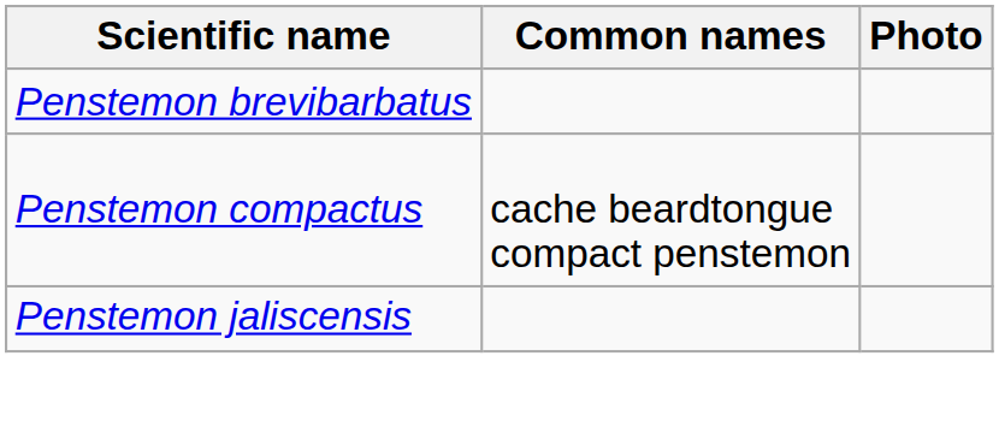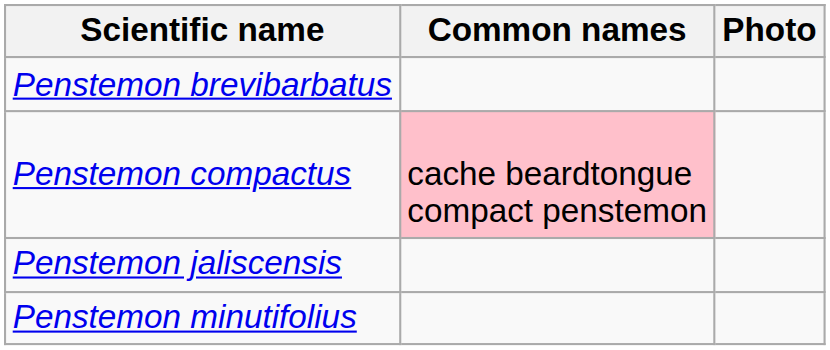 <table class="sortable wikitable" id="AmbiguouSpecies">
 <tr>
 <th>Scientific name<br></th>
 <th>Common names</th>
 <th>Photo</th>
 </tr>
 <tr>
 <td><em><a href='#'>Penstemon brevibarbatus</a></em><br></td>
 <td></td>
 <td></td>
 </tr>
 <tr>
 <td><em><a href='#'>Penstemon compactus</a></em><br></td>
-<td><br>cache beardtongue<br> compact penstemon</td>
+<td style="background: pink;"><br>cache beardtongue<br> compact penstemon</td>
 <td></td>
 </tr>
 <tr>
 <td><em><a href='#'>Penstemon jaliscensis</a></em><br></td>
 <td></td>
 <td></td>
 </tr>
+<tr>
+<td><em><a href='#'>Penstemon minutifolius</a></em><br></td>
+<td></td>
+<td></td>
+</tr>
 </table>
